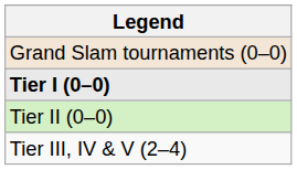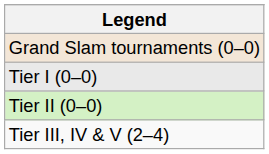 <table class="wikitable" style="font-size:95%">
 <tr valign=top>
 </tr>
 <tr>
 <th>Legend</th>
 </tr>
 <tr>
 <td bgcolor=f3e6d7>Grand Slam tournaments (0–0)</td>
 </tr>
 <tr>
-<td bgcolor=e9e9e9><strong>Tier I (0–0)</strong></td>
+<td bgcolor=e9e9e9>Tier I (0–0)</td>
 </tr>
 <tr>
 <td bgcolor=d4f1c5>Tier II (0–0)</td>
 </tr>
 <tr>
 <td>Tier III, IV & V (2–4)</td>
 </tr>
 </table>
